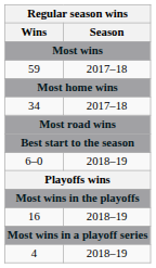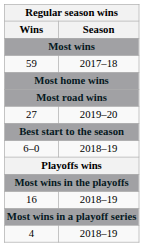 <table class="wikitable" style="text-align:center">
 <tr>
 <th colspan="2">Regular season wins</th>
 </tr>
 <tr>
 <th>Wins</th>
 <th>Season</th>
 </tr>
 <tr>
 <th colspan="2" style="text-align:center; background:#A1A1A4; color:#061922;">Most wins</th>
 </tr>
 <tr>
 <td>59</td>
 <td>2017–18</td>
 </tr>
 <tr>
 <th colspan="2" style="text-align:center; background:#A1A1A4; color:#061922;">Most home wins</th>
 </tr>
 <tr>
-<td>34</td>
-<td>2017–18</td>
+<th colspan="2" style="text-align:center; background:#A1A1A4; color:#061922;">Most road wins</th>
 </tr>
 <tr>
-<th colspan="2" style="text-align:center; background:#A1A1A4; color:#061922;">Most road wins</th>
+<td>27</td>
+<td>2019–20</td>
 </tr>
 <tr>
 <th colspan="2" style="text-align:center; background:#A1A1A4; color:#061922;">Best start to the season</th>
 </tr>
 <tr>
 <td>6–0</td>
 <td>2018–19</td>
 </tr>
 <tr>
 <th colspan="2">Playoffs wins</th>
 </tr>
 <tr>
 <th colspan="2" style="text-align:center; background:#A1A1A4; color:#061922;">Most wins in the playoffs</th>
 </tr>
 <tr>
 <td>16</td>
 <td>2018–19</td>
 </tr>
 <tr>
 <th colspan="2" style="text-align:center; background:#A1A1A4; color:#061922;">Most wins in a playoff series</th>
 </tr>
 <tr>
 <td>4</td>
 <td>2018–19</td>
 </tr>
 </table>
